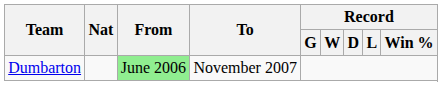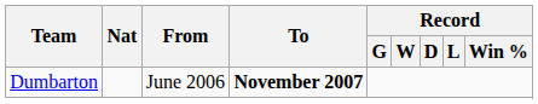 <table class="wikitable" style="text-align: center">
 <tr>
 <th rowspan="2">Team</th>
 <th rowspan="2">Nat</th>
 <th rowspan="2">From</th>
 <th rowspan="2">To</th>
 <th colspan="5">Record</th>
 </tr>
 <tr>
 <th>G</th>
 <th>W</th>
 <th>D</th>
 <th>L</th>
 <th>Win %</th>
 </tr>
 <tr>
 <td align=left><a href='#'>Dumbarton</a></td>
 <td></td>
-<td align=left style="background: lightgreen;">June 2006</td>
-<td align=left>November 2007<br></td>
+<td align=left>June 2006</td>
+<td align=left><strong>November 2007<br></strong></td>
 </tr>
 <tr>
 </tr>
 </table>
